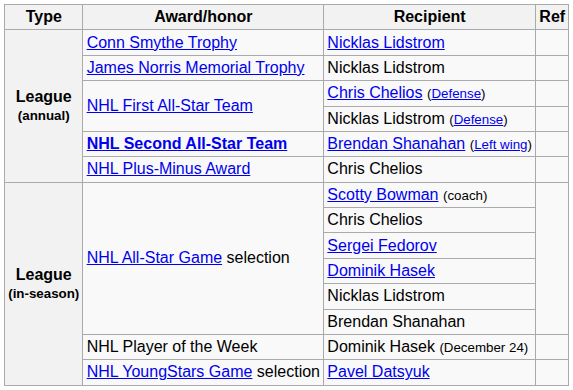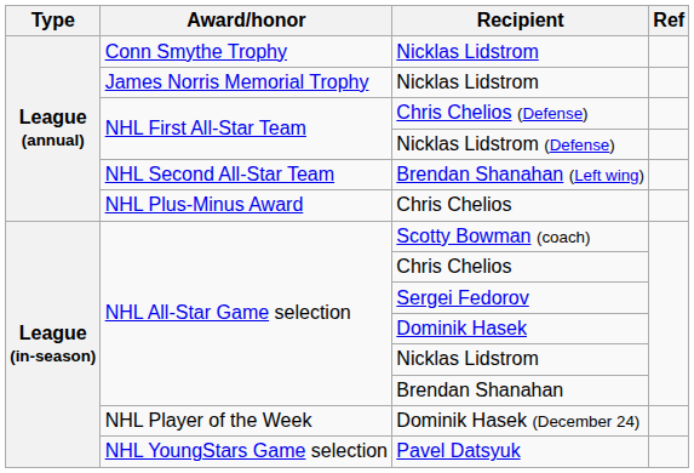 <table class="wikitable">
 <tr>
 <th scope="col">Type</th>
 <th scope="col">Award/honor</th>
 <th scope="col">Recipient</th>
 <th scope="col">Ref</th>
 </tr>
 <tr>
 <th scope="row" rowspan="6">League<br><small>(annual)</small></th>
 <td><a href='#'>Conn Smythe Trophy</a></td>
 <td><a href='#'>Nicklas Lidstrom</a></td>
 <td></td>
 </tr>
 <tr>
 <td><a href='#'>James Norris Memorial Trophy</a></td>
 <td>Nicklas Lidstrom</td>
 <td></td>
 </tr>
 <tr>
 <td rowspan="2"><a href='#'>NHL First All-Star Team</a></td>
 <td><a href='#'>Chris Chelios</a> <small>(<a href='#'>Defense</a>)</small></td>
 <td></td>
 </tr>
 <tr>
 <td>Nicklas Lidstrom <small>(<a href='#'>Defense</a>)</small></td>
 <td></td>
 </tr>
 <tr>
-<td><strong><a href='#'>NHL Second All-Star Team</a></strong></td>
+<td><a href='#'>NHL Second All-Star Team</a></td>
 <td><a href='#'>Brendan Shanahan</a> <small>(<a href='#'>Left wing</a>)</small></td>
 <td></td>
 </tr>
 <tr>
 <td><a href='#'>NHL Plus-Minus Award</a></td>
 <td>Chris Chelios</td>
 <td></td>
 </tr>
 <tr>
 <th scope="row" rowspan="8">League<br><small>(in-season)</small></th>
 <td rowspan="6"><a href='#'>NHL All-Star Game</a> selection</td>
 <td><a href='#'>Scotty Bowman</a> <small>(coach)</small></td>
 <td rowspan="6"></td>
 </tr>
 <tr>
 <td>Chris Chelios</td>
 </tr>
 <tr>
 <td><a href='#'>Sergei Fedorov</a></td>
 </tr>
 <tr>
 <td><a href='#'>Dominik Hasek</a></td>
 </tr>
 <tr>
 <td>Nicklas Lidstrom</td>
 </tr>
 <tr>
 <td>Brendan Shanahan</td>
 </tr>
 <tr>
 <td>NHL Player of the Week</td>
 <td>Dominik Hasek <small>(December 24)</small></td>
 <td></td>
 </tr>
 <tr>
 <td><a href='#'>NHL YoungStars Game</a> selection</td>
 <td><a href='#'>Pavel Datsyuk</a></td>
 <td></td>
 </tr>
 </table>
